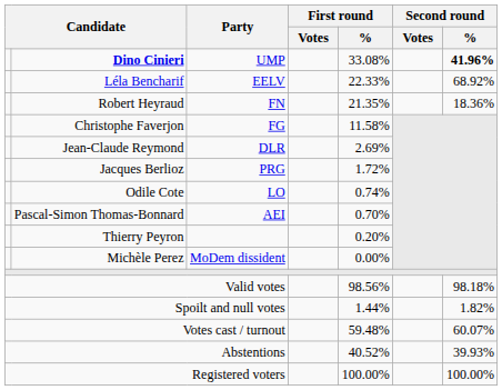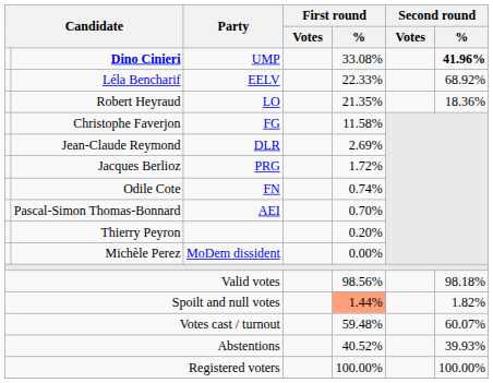 <table class="wikitable" style="text-align:right;font-size:95%;">
 <tr>
 <th rowspan=2 colspan=2>Candidate</th>
 <th rowspan=2 colspan=1>Party</th>
 <th colspan=2>First round</th>
 <th colspan=2>Second round</th>
 </tr>
 <tr>
 <th style="width:50px;">Votes</th>
 <th style="width:55px;">%</th>
 <th style="width:50px;">Votes</th>
 <th style="width:55px;">%</th>
 </tr>
 <tr>
 <td style="color:inherit;background-color:"></td>
 <td><strong><a href='#'>Dino Cinieri</a></strong></td>
 <td><a href='#'>UMP</a></td>
 <td></td>
 <td>33.08%</td>
 <td><strong></strong></td>
 <td><strong>41.96%</strong></td>
 </tr>
 <tr>
 <td style="color:inherit;background-color:"></td>
 <td><a href='#'>Léla Bencharif</a></td>
 <td><a href='#'>EELV</a></td>
 <td></td>
 <td>22.33%</td>
 <td></td>
 <td>68.92%</td>
 </tr>
 <tr>
 <td style="color:inherit;background-color:"></td>
 <td>Robert Heyraud</td>
-<td><a href='#'>FN</a></td>
+<td><a href='#'>LO</a></td>
 <td></td>
 <td>21.35%</td>
 <td></td>
 <td>18.36%</td>
 </tr>
 <tr>
 <td style="color:inherit;background-color:"></td>
 <td>Christophe Faverjon</td>
 <td><a href='#'>FG</a></td>
 <td></td>
 <td>11.58%</td>
 <td colspan=7 rowspan=7 style="background-color:#E9E9E9;"></td>
 </tr>
 <tr>
 <td style="color:inherit;background-color:"></td>
 <td>Jean-Claude Reymond</td>
 <td><a href='#'>DLR</a></td>
 <td></td>
 <td>2.69%</td>
 </tr>
 <tr>
 <td style="color:inherit;background-color:"></td>
 <td>Jacques Berlioz</td>
 <td><a href='#'>PRG</a></td>
 <td></td>
 <td>1.72%</td>
 </tr>
 <tr>
 <td style="color:inherit;background-color:"></td>
 <td>Odile Cote</td>
-<td><a href='#'>LO</a></td>
+<td><a href='#'>FN</a></td>
 <td></td>
 <td>0.74%</td>
 </tr>
 <tr>
 <td style="color:inherit;background-color:"></td>
 <td>Pascal-Simon Thomas-Bonnard</td>
 <td><a href='#'>AEI</a></td>
 <td></td>
 <td>0.70%</td>
 </tr>
 <tr>
 <td style="background-color:;"></td>
 <td>Thierry Peyron</td>
 <td></td>
 <td></td>
 <td>0.20%</td>
 </tr>
 <tr>
 <td style="color:inherit;background-color:"></td>
 <td>Michèle Perez</td>
 <td><a href='#'>MoDem dissident</a></td>
 <td></td>
 <td>0.00%</td>
 </tr>
 <tr>
 <td colspan=7 style="background-color:#E9E9E9;"></td>
 </tr>
 <tr>
 <td colspan=3>Valid votes</td>
 <td></td>
 <td>98.56%</td>
 <td></td>
 <td>98.18%</td>
 </tr>
 <tr>
 <td colspan=3>Spoilt and null votes</td>
 <td></td>
-<td>1.44%</td>
+<td style="background: lightsalmon;">1.44%</td>
 <td></td>
 <td>1.82%</td>
 </tr>
 <tr>
 <td colspan=3>Votes cast / turnout</td>
 <td></td>
 <td>59.48%</td>
 <td></td>
 <td>60.07%</td>
 </tr>
 <tr>
 <td colspan=3>Abstentions</td>
 <td></td>
 <td>40.52%</td>
 <td></td>
 <td>39.93%</td>
 </tr>
 <tr>
 <td colspan=3>Registered voters</td>
 <td></td>
 <td>100.00%</td>
 <td></td>
 <td>100.00%</td>
 </tr>
 </table>
